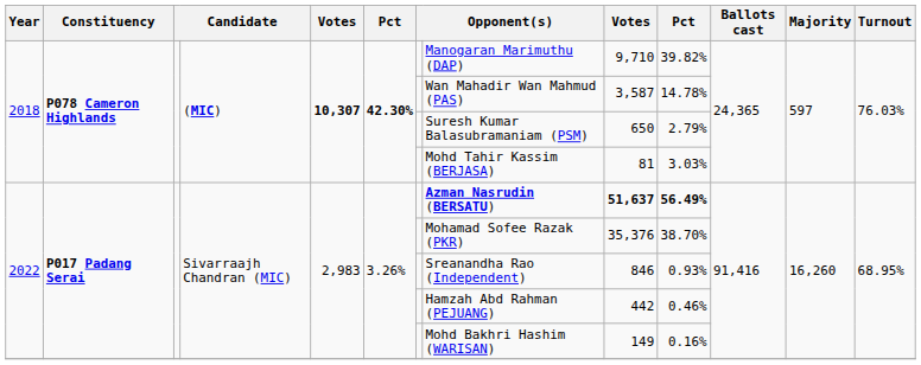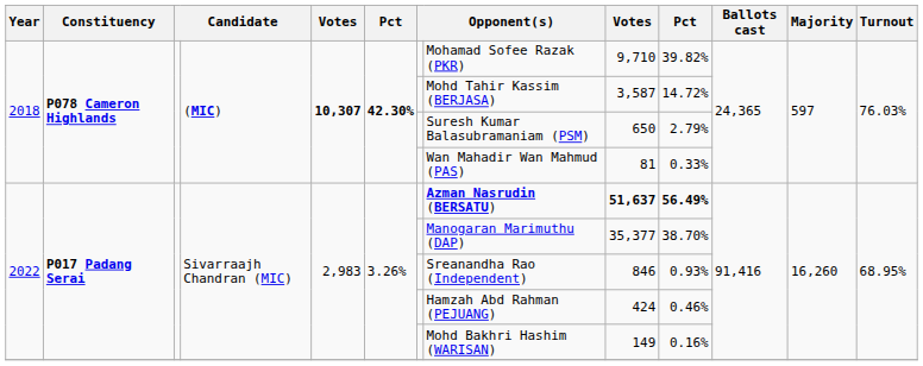 <table class="wikitable" style="margin:0.5em ; font-size:95%">
 <tr>
 <th>Year</th>
 <th>Constituency</th>
 <th colspan=2>Candidate</th>
 <th>Votes</th>
 <th>Pct</th>
 <th colspan=2>Opponent(s)</th>
 <th>Votes</th>
 <th>Pct</th>
 <th>Ballots cast</th>
 <th>Majority</th>
 <th>Turnout</th>
 </tr>
 <tr>
 <td rowspan="4"><a href='#'>2018</a></td>
 <td rowspan="4"><strong>P078 <a href='#'>Cameron Highlands</a></strong></td>
 <td rowspan="4" ></td>
 <td rowspan="4"> (<a href='#'><strong>MIC</strong></a>)</td>
 <td rowspan="4" align=right><strong>10,307</strong></td>
 <td rowspan="4"><strong>42.30%</strong></td>
 <td></td>
-<td><a href='#'>Manogaran Marimuthu</a> (<a href='#'>DAP</a>)</td>
+<td>Mohamad Sofee Razak (<a href='#'>PKR</a>)</td>
 <td align=right>9,710</td>
 <td>39.82%</td>
 <td rowspan="4">24,365</td>
 <td rowspan="4">597</td>
 <td rowspan="4">76.03%</td>
 </tr>
 <tr>
 <td></td>
-<td>Wan Mahadir Wan Mahmud (<a href='#'>PAS</a>)</td>
+<td>Mohd Tahir Kassim (<a href='#'>BERJASA</a>)</td>
 <td align=right>3,587</td>
-<td>14.78%</td>
+<td>14.72%</td>
 </tr>
 <tr>
 <td></td>
 <td>Suresh Kumar Balasubramaniam (<a href='#'>PSM</a>)</td>
 <td align=right>650</td>
 <td align=right>2.79%</td>
 </tr>
 <tr>
 <td bgcolor=></td>
-<td>Mohd Tahir Kassim (<a href='#'>BERJASA</a>)</td>
+<td>Wan Mahadir Wan Mahmud (<a href='#'>PAS</a>)</td>
 <td align=right>81</td>
-<td align=right>3.03%</td>
+<td align=right>0.33%</td>
 </tr>
 <tr>
 <td rowspan="5"><a href='#'>2022</a></td>
 <td rowspan="5"><strong>P017 <a href='#'>Padang Serai</a></strong></td>
 <td rowspan="5" ></td>
 <td rowspan="5">Sivarraajh Chandran (<a href='#'>MIC</a>)</td>
 <td rowspan="5" align="right">2,983</td>
 <td rowspan="5">3.26%</td>
 <td bgcolor=></td>
 <td><strong><a href='#'>Azman Nasrudin</a></strong> (<a href='#'><strong>BERSATU</strong></a>)</td>
 <td align="right"><strong>51,637</strong></td>
 <td><strong>56.49%</strong></td>
 <td rowspan="5">91,416</td>
 <td rowspan="5">16,260</td>
 <td rowspan="5">68.95%</td>
 </tr>
 <tr>
 <td></td>
-<td>Mohamad Sofee Razak (<a href='#'>PKR</a>)</td>
-<td align="right">35,376</td>
+<td><a href='#'>Manogaran Marimuthu</a> (<a href='#'>DAP</a>)</td>
+<td align="right">35,377</td>
 <td>38.70%</td>
 </tr>
 <tr>
 <td></td>
 <td>Sreanandha Rao (<a href='#'>Independent</a>)</td>
 <td align="right">846</td>
 <td align="right">0.93%</td>
 </tr>
 <tr>
 <td></td>
 <td>Hamzah Abd Rahman (<a href='#'>PEJUANG</a>)</td>
-<td align="right">442</td>
+<td align="right">424</td>
 <td align="right">0.46%</td>
 </tr>
 <tr>
 <td></td>
 <td>Mohd Bakhri Hashim (<a href='#'>WARISAN</a>)</td>
 <td align="right">149</td>
 <td align="right">0.16%</td>
 </tr>
 <tr>
 </tr>
 </table>
